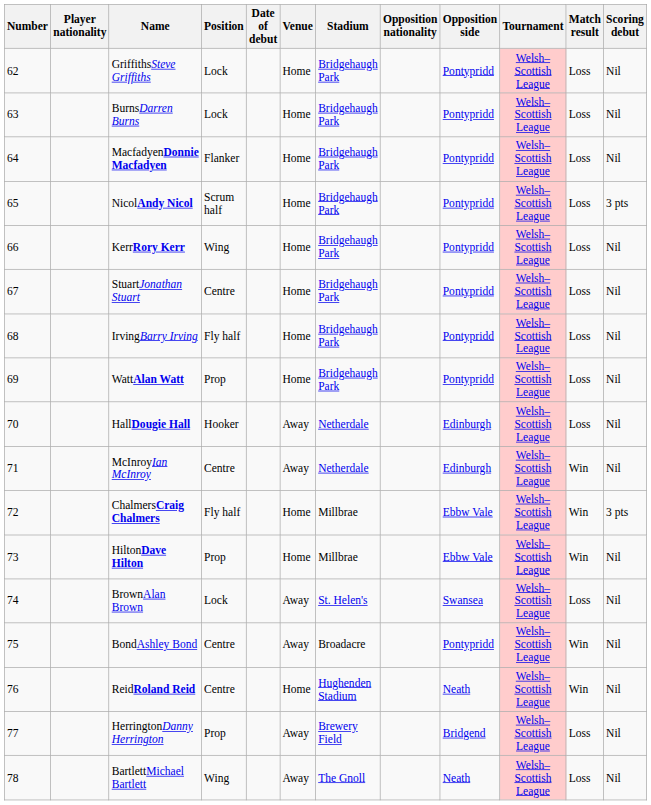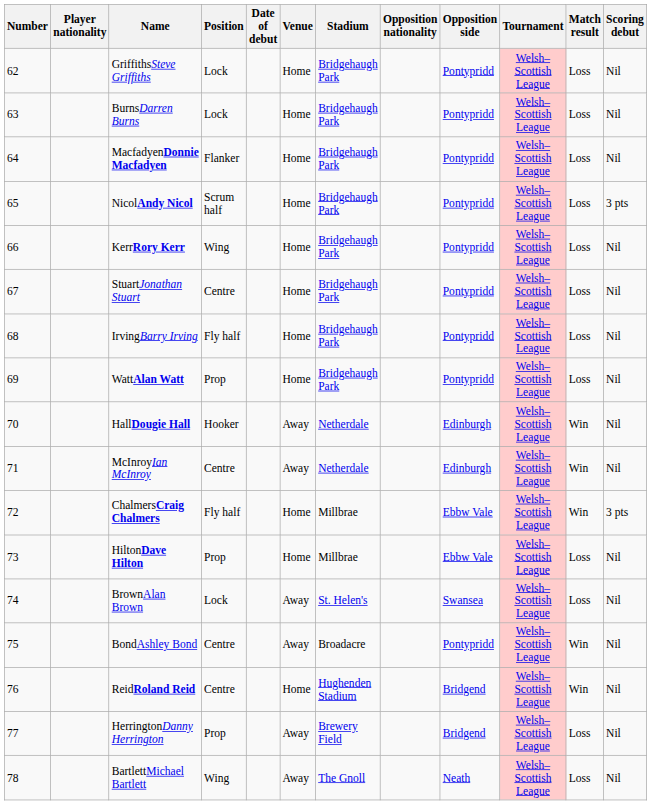 <table class="sortable wikitable">
 <tr>
 <th data-sort-type="number">Number</th>
 <th>Player nationality</th>
 <th>Name</th>
 <th>Position</th>
 <th>Date of debut</th>
 <th>Venue</th>
 <th>Stadium</th>
 <th>Opposition nationality</th>
 <th>Opposition side</th>
 <th>Tournament</th>
 <th>Match result</th>
 <th>Scoring debut</th>
 </tr>
 <tr>
 <td>62</td>
 <td style="text-align:center;"></td>
 <td><span>Griffiths</span><em><a href='#'>Steve Griffiths</a></em></td>
 <td>Lock</td>
 <td></td>
 <td>Home</td>
 <td><a href='#'>Bridgehaugh Park</a></td>
 <td style="text-align:center;"></td>
 <td><a href='#'>Pontypridd</a></td>
 <td style="text-align:center; background:#FCC;"><a href='#'>Welsh–Scottish League</a></td>
 <td>Loss</td>
 <td>Nil</td>
 </tr>
 <tr>
 <td>63</td>
 <td style="text-align:center;"></td>
 <td><span>Burns</span><em><a href='#'>Darren Burns</a></em></td>
 <td>Lock</td>
 <td></td>
 <td>Home</td>
 <td><a href='#'>Bridgehaugh Park</a></td>
 <td style="text-align:center;"></td>
 <td><a href='#'>Pontypridd</a></td>
 <td style="text-align:center; background:#FCC;"><a href='#'>Welsh–Scottish League</a></td>
 <td>Loss</td>
 <td>Nil</td>
 </tr>
 <tr>
 <td>64</td>
 <td style="text-align:center;"></td>
 <td><span>Macfadyen</span><strong><a href='#'>Donnie Macfadyen</a></strong></td>
 <td>Flanker</td>
 <td></td>
 <td>Home</td>
 <td><a href='#'>Bridgehaugh Park</a></td>
 <td style="text-align:center;"></td>
 <td><a href='#'>Pontypridd</a></td>
 <td style="text-align:center; background:#FCC;"><a href='#'>Welsh–Scottish League</a></td>
 <td>Loss</td>
 <td>Nil</td>
 </tr>
 <tr>
 <td>65</td>
 <td style="text-align:center;"></td>
 <td><span>Nicol</span><strong><a href='#'>Andy Nicol</a></strong></td>
 <td>Scrum half</td>
 <td></td>
 <td>Home</td>
 <td><a href='#'>Bridgehaugh Park</a></td>
 <td style="text-align:center;"></td>
 <td><a href='#'>Pontypridd</a></td>
 <td style="text-align:center; background:#FCC;"><a href='#'>Welsh–Scottish League</a></td>
 <td>Loss</td>
 <td>3 pts</td>
 </tr>
 <tr>
 <td>66</td>
 <td style="text-align:center;"></td>
 <td><span>Kerr</span><strong><a href='#'>Rory Kerr</a></strong></td>
 <td>Wing</td>
 <td></td>
 <td>Home</td>
 <td><a href='#'>Bridgehaugh Park</a></td>
 <td style="text-align:center;"></td>
 <td><a href='#'>Pontypridd</a></td>
 <td style="text-align:center; background:#FCC;"><a href='#'>Welsh–Scottish League</a></td>
 <td>Loss</td>
 <td>Nil</td>
 </tr>
 <tr>
 <td>67</td>
 <td style="text-align:center;"></td>
 <td><span>Stuart</span><em><a href='#'>Jonathan Stuart</a></em></td>
 <td>Centre</td>
 <td></td>
 <td>Home</td>
 <td><a href='#'>Bridgehaugh Park</a></td>
 <td style="text-align:center;"></td>
 <td><a href='#'>Pontypridd</a></td>
 <td style="text-align:center; background:#FCC;"><a href='#'>Welsh–Scottish League</a></td>
 <td>Loss</td>
 <td>Nil</td>
 </tr>
 <tr>
 <td>68</td>
 <td style="text-align:center;"></td>
 <td><span>Irving</span><em><a href='#'>Barry Irving</a></em></td>
 <td>Fly half</td>
 <td></td>
 <td>Home</td>
 <td><a href='#'>Bridgehaugh Park</a></td>
 <td style="text-align:center;"></td>
 <td><a href='#'>Pontypridd</a></td>
 <td style="text-align:center; background:#FCC;"><a href='#'>Welsh–Scottish League</a></td>
 <td>Loss</td>
 <td>Nil</td>
 </tr>
 <tr>
 <td>69</td>
 <td style="text-align:center;"></td>
 <td><span>Watt</span><strong><a href='#'>Alan Watt</a></strong></td>
 <td>Prop</td>
 <td></td>
 <td>Home</td>
 <td><a href='#'>Bridgehaugh Park</a></td>
 <td style="text-align:center;"></td>
 <td><a href='#'>Pontypridd</a></td>
 <td style="text-align:center; background:#FCC;"><a href='#'>Welsh–Scottish League</a></td>
 <td>Loss</td>
 <td>Nil</td>
 </tr>
 <tr>
 <td>70</td>
 <td style="text-align:center;"></td>
 <td><span>Hall</span><strong><a href='#'>Dougie Hall</a></strong></td>
 <td>Hooker</td>
 <td></td>
 <td>Away</td>
 <td><a href='#'>Netherdale</a></td>
 <td style="text-align:center;"></td>
 <td><a href='#'>Edinburgh</a></td>
 <td style="text-align:center; background:#FCC;"><a href='#'>Welsh–Scottish League</a></td>
-<td>Loss</td>
+<td>Win</td>
 <td>Nil</td>
 </tr>
 <tr>
 <td>71</td>
 <td style="text-align:center;"></td>
 <td><span>McInroy</span><em><a href='#'>Ian McInroy</a></em></td>
 <td>Centre</td>
 <td></td>
 <td>Away</td>
 <td><a href='#'>Netherdale</a></td>
 <td style="text-align:center;"></td>
 <td><a href='#'>Edinburgh</a></td>
 <td style="text-align:center; background:#FCC;"><a href='#'>Welsh–Scottish League</a></td>
 <td>Win</td>
 <td>Nil</td>
 </tr>
 <tr>
 <td>72</td>
 <td style="text-align:center;"></td>
 <td><span>Chalmers</span><strong><a href='#'>Craig Chalmers</a></strong></td>
 <td>Fly half</td>
 <td></td>
 <td>Home</td>
 <td>Millbrae</td>
 <td style="text-align:center;"></td>
 <td><a href='#'>Ebbw Vale</a></td>
 <td style="text-align:center; background:#FCC;"><a href='#'>Welsh–Scottish League</a></td>
 <td>Win</td>
 <td>3 pts</td>
 </tr>
 <tr>
 <td>73</td>
 <td style="text-align:center;"></td>
 <td><span>Hilton</span><strong><a href='#'>Dave Hilton</a></strong></td>
 <td>Prop</td>
 <td></td>
 <td>Home</td>
 <td>Millbrae</td>
 <td style="text-align:center;"></td>
 <td><a href='#'>Ebbw Vale</a></td>
 <td style="text-align:center; background:#FCC;"><a href='#'>Welsh–Scottish League</a></td>
-<td>Win</td>
+<td>Loss</td>
 <td>Nil</td>
 </tr>
 <tr>
 <td>74</td>
 <td style="text-align:center;"></td>
 <td><span>Brown</span><a href='#'>Alan Brown</a></td>
 <td>Lock</td>
 <td></td>
 <td>Away</td>
 <td><a href='#'>St. Helen's</a></td>
 <td style="text-align:center;"></td>
 <td><a href='#'>Swansea</a></td>
 <td style="text-align:center; background:#FCC;"><a href='#'>Welsh–Scottish League</a></td>
 <td>Loss</td>
 <td>Nil</td>
 </tr>
 <tr>
 <td>75</td>
 <td style="text-align:center;"></td>
 <td><span>Bond</span><a href='#'>Ashley Bond</a></td>
 <td>Centre</td>
 <td></td>
 <td>Away</td>
 <td>Broadacre</td>
 <td style="text-align:center;"></td>
 <td><a href='#'>Pontypridd</a></td>
 <td style="text-align:center; background:#FCC;"><a href='#'>Welsh–Scottish League</a></td>
 <td>Win</td>
 <td>Nil</td>
 </tr>
 <tr>
 <td>76</td>
 <td style="text-align:center;"></td>
 <td><span>Reid</span><strong><a href='#'>Roland Reid</a></strong></td>
 <td>Centre</td>
 <td></td>
 <td>Home</td>
 <td><a href='#'>Hughenden Stadium</a></td>
 <td style="text-align:center;"></td>
-<td><a href='#'>Neath</a></td>
+<td><a href='#'>Bridgend</a></td>
 <td style="text-align:center; background:#FCC;"><a href='#'>Welsh–Scottish League</a></td>
 <td>Win</td>
 <td>Nil</td>
 </tr>
 <tr>
 <td>77</td>
 <td style="text-align:center;"></td>
 <td><span>Herrington</span><em><a href='#'>Danny Herrington</a></em></td>
 <td>Prop</td>
 <td></td>
 <td>Away</td>
 <td><a href='#'>Brewery Field</a></td>
 <td style="text-align:center;"></td>
 <td><a href='#'>Bridgend</a></td>
 <td style="text-align:center; background:#FCC;"><a href='#'>Welsh–Scottish League</a></td>
 <td>Loss</td>
 <td>Nil</td>
 </tr>
 <tr>
 <td>78</td>
 <td style="text-align:center;"></td>
 <td><span>Bartlett</span><a href='#'>Michael Bartlett</a></td>
 <td>Wing</td>
 <td></td>
 <td>Away</td>
 <td><a href='#'>The Gnoll</a></td>
 <td style="text-align:center;"></td>
 <td><a href='#'>Neath</a></td>
 <td style="text-align:center; background:#FCC;"><a href='#'>Welsh–Scottish League</a></td>
 <td>Loss</td>
 <td>Nil</td>
 </tr>
 </table>
